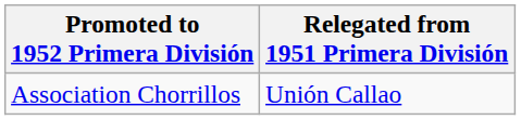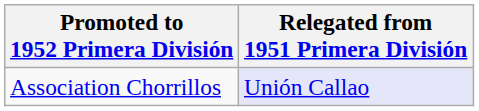 <table class="wikitable">
 <tr>
 <th>Promoted to<br><a href='#'>1952 Primera División</a></th>
 <th>Relegated from<br><a href='#'>1951 Primera División</a></th>
 </tr>
 <tr>
 <td> <a href='#'>Association Chorrillos</a> </td>
-<td> <a href='#'>Unión Callao</a> </td>
+<td style="background: lavender;"> <a href='#'>Unión Callao</a> </td>
 </tr>
 </table>
